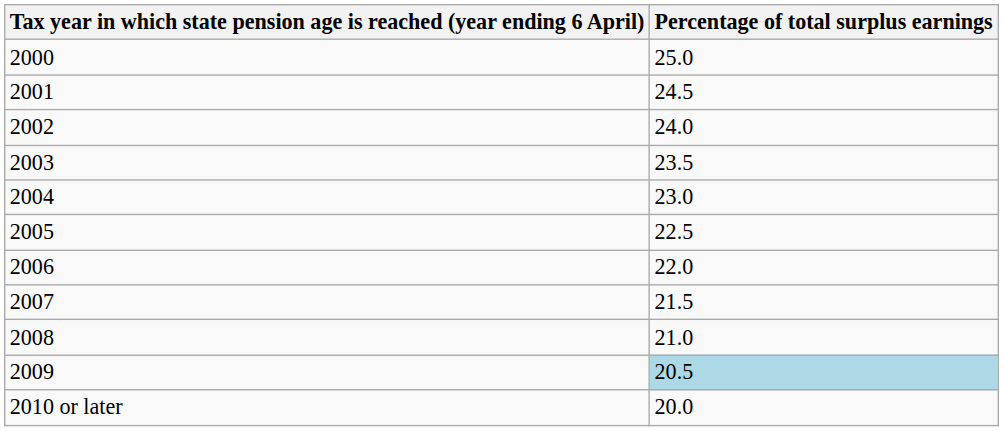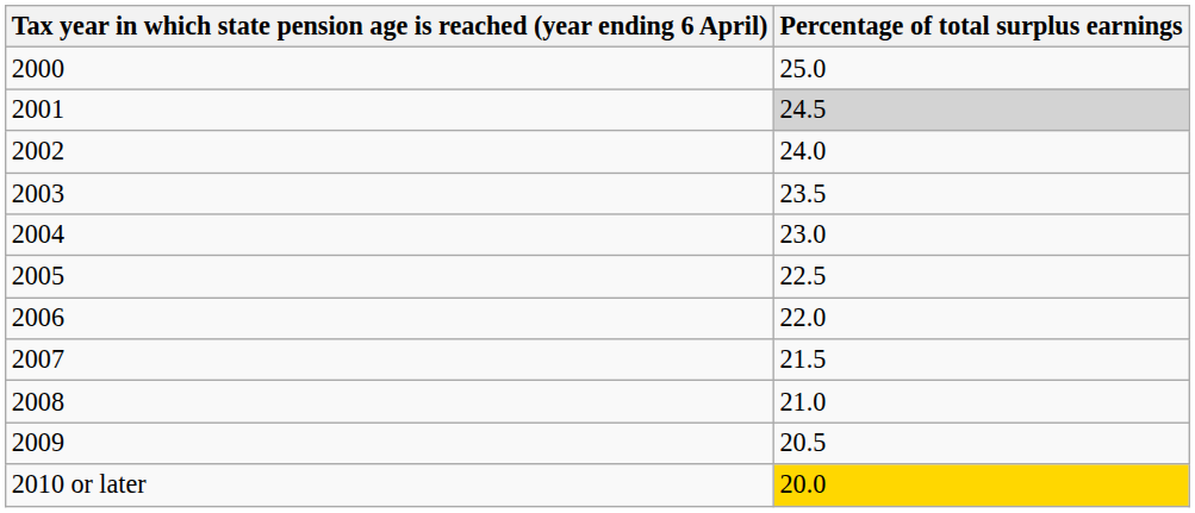 <table class="wikitable">
 <tr>
 <th>Tax year in which state pension age is reached (year ending 6 April)</th>
 <th>Percentage of total surplus earnings</th>
 </tr>
 <tr>
 <td>2000</td>
 <td>25.0</td>
 </tr>
 <tr>
 <td>2001</td>
-<td>24.5</td>
+<td style="background: lightgrey;">24.5</td>
 </tr>
 <tr>
 <td>2002</td>
 <td>24.0</td>
 </tr>
 <tr>
 <td>2003</td>
 <td>23.5</td>
 </tr>
 <tr>
 <td>2004</td>
 <td>23.0</td>
 </tr>
 <tr>
 <td>2005</td>
 <td>22.5</td>
 </tr>
 <tr>
 <td>2006</td>
 <td>22.0</td>
 </tr>
 <tr>
 <td>2007</td>
 <td>21.5</td>
 </tr>
 <tr>
 <td>2008</td>
 <td>21.0</td>
 </tr>
 <tr>
 <td>2009</td>
-<td style="background: lightblue;">20.5</td>
+<td>20.5</td>
 </tr>
 <tr>
 <td>2010 or later</td>
-<td>20.0</td>
+<td style="background: gold;">20.0</td>
 </tr>
 </table>
